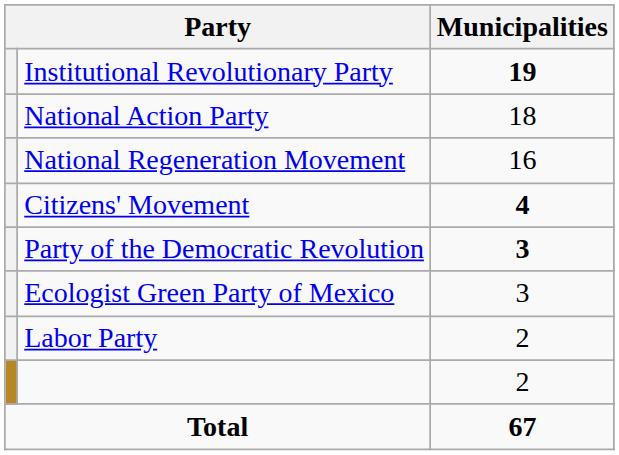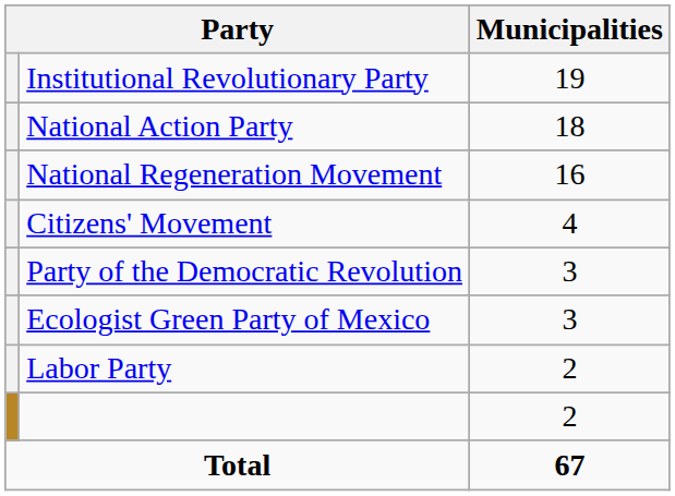 <table class="wikitable" style="text-align:center;">
 <tr>
 <th colspan="2">Party</th>
 <th>Municipalities</th>
 </tr>
 <tr>
 <th style="background-color:"></th>
 <td style="text-align:left;"><a href='#'>Institutional Revolutionary Party</a></td>
-<td><strong>19</strong></td>
+<td>19</td>
 </tr>
 <tr>
 <th style="background-color:"></th>
 <td style="text-align:left;"><a href='#'>National Action Party</a></td>
 <td>18</td>
 </tr>
 <tr>
 <th style="background-color:"></th>
 <td style="text-align:left;"><a href='#'>National Regeneration Movement</a></td>
 <td>16</td>
 </tr>
 <tr>
 <th style="background-color:"></th>
 <td style="text-align:left;"><a href='#'>Citizens' Movement</a></td>
-<td><strong>4</strong></td>
+<td>4</td>
 </tr>
 <tr>
 <th style="background-color:"></th>
 <td style="text-align:left;"><a href='#'>Party of the Democratic Revolution</a></td>
-<td><strong>3</strong></td>
+<td>3</td>
 </tr>
 <tr>
 <th style="background-color:"></th>
 <td style="text-align:left;"><a href='#'>Ecologist Green Party of Mexico</a></td>
 <td>3</td>
 </tr>
 <tr>
 <th style="background-color:"></th>
 <td style="text-align:left;"><a href='#'>Labor Party</a></td>
 <td>2</td>
 </tr>
 <tr>
 <th style="background-color:#b88624;"></th>
 <td style="text-align:left;"></td>
 <td>2</td>
 </tr>
 <tr>
 <td colspan="2"><strong>Total</strong></td>
 <td><strong>67</strong></td>
 </tr>
 </table>
